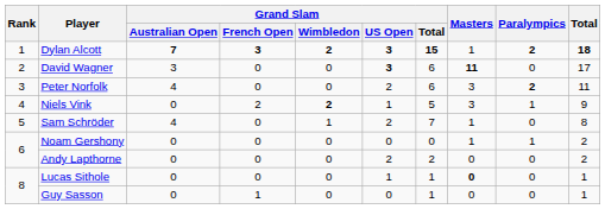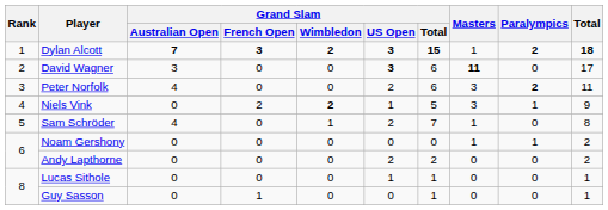 <table class="wikitable sortable" style="text-align:center">
 <tr>
 <th rowspan="2" align="center">Rank</th>
 <th rowspan="2" align="center">Player</th>
 <th colspan="5" align="center"><a href='#'>Grand Slam</a></th>
 <th rowspan="2" align="center"><a href='#'>Masters</a></th>
 <th rowspan="2" align="center"><a href='#'>Paralympics</a></th>
 <th rowspan="2" align="center">Total</th>
 </tr>
 <tr>
 <th align="center"><a href='#'>Australian Open</a></th>
 <th align="center"><a href='#'>French Open</a></th>
 <th align="center"><a href='#'>Wimbledon</a></th>
 <th align="center"><a href='#'>US Open</a></th>
 <th align="center">Total</th>
 </tr>
 <tr>
 <td>1</td>
 <td style="text-align:left;" data-sort-value=""> <a href='#'>Dylan Alcott</a></td>
 <td><strong>7</strong></td>
 <td><strong>3</strong></td>
 <td><strong>2</strong></td>
 <td><strong>3</strong></td>
 <td><strong>15</strong></td>
 <td>1</td>
 <td><strong>2</strong></td>
 <td><strong>18</strong></td>
 </tr>
 <tr>
 <td>2</td>
 <td style="text-align:left;" data-sort-value=""> <a href='#'>David Wagner</a></td>
 <td>3</td>
 <td>0</td>
 <td>0</td>
 <td><strong>3</strong></td>
 <td>6</td>
 <td><strong>11</strong></td>
 <td>0</td>
 <td>17</td>
 </tr>
 <tr>
 <td>3</td>
 <td style="text-align:left;" data-sort-value=""> <a href='#'>Peter Norfolk</a></td>
 <td>4</td>
 <td>0</td>
 <td>0</td>
 <td>2</td>
 <td>6</td>
 <td>3</td>
 <td><strong>2</strong></td>
 <td>11</td>
 </tr>
 <tr>
 <td>4</td>
 <td style="text-align:left;" data-sort-value=""> <a href='#'>Niels Vink</a></td>
 <td>0</td>
 <td>2</td>
 <td><strong>2</strong></td>
 <td>1</td>
 <td>5</td>
 <td>3</td>
 <td>1</td>
 <td>9</td>
 </tr>
 <tr>
 <td>5</td>
 <td style="text-align:left;" data-sort-value=""> <a href='#'>Sam Schröder</a></td>
 <td>4</td>
 <td>0</td>
 <td>1</td>
 <td>2</td>
 <td>7</td>
 <td>1</td>
 <td>0</td>
 <td>8</td>
 </tr>
 <tr>
 <td rowspan="2">6</td>
 <td style="text-align:left;" data-sort-value=""> <a href='#'>Noam Gershony</a></td>
 <td>0</td>
 <td>0</td>
 <td>0</td>
 <td>0</td>
 <td>0</td>
 <td>1</td>
 <td>1</td>
 <td>2</td>
 </tr>
 <tr>
 <td style="text-align:left;" data-sort-value=""> <a href='#'>Andy Lapthorne</a></td>
 <td>0</td>
 <td>0</td>
 <td>0</td>
 <td>2</td>
 <td>2</td>
 <td>0</td>
 <td>0</td>
 <td>2</td>
 </tr>
 <tr>
 <td rowspan="2">8</td>
 <td style="text-align:left;" data-sort-value=""> <a href='#'>Lucas Sithole</a></td>
 <td>0</td>
 <td>0</td>
 <td>0</td>
 <td>1</td>
 <td>1</td>
-<td><strong>0</strong></td>
+<td>0</td>
 <td>0</td>
 <td>1</td>
 </tr>
 <tr>
 <td style="text-align:left;" data-sort-value=""> <a href='#'>Guy Sasson</a></td>
 <td>0</td>
 <td>1</td>
 <td>0</td>
 <td>0</td>
 <td>1</td>
 <td>0</td>
 <td>0</td>
 <td>1</td>
 </tr>
 </table>
